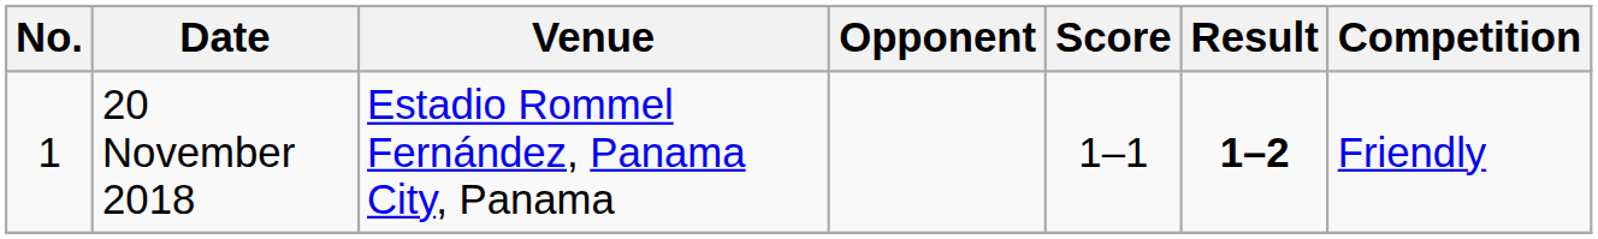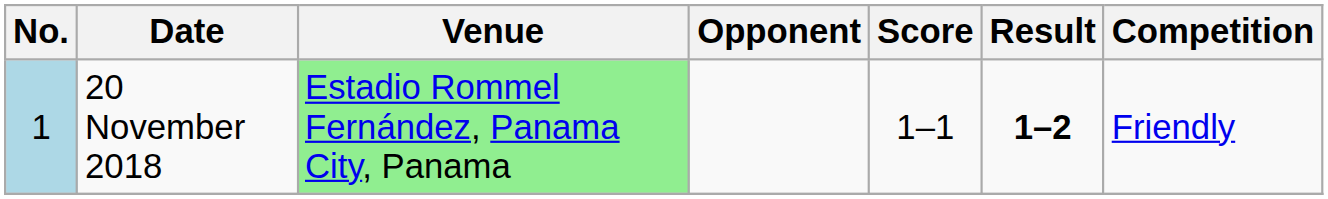 <table class="wikitable sortable">
 <tr>
 <th scope="col">No.</th>
 <th scope="col">Date</th>
 <th scope="col">Venue</th>
 <th scope="col">Opponent</th>
 <th scope="col">Score</th>
 <th scope="col">Result</th>
 <th scope="col">Competition</th>
 </tr>
 <tr>
-<td style="text-align:center">1</td>
+<td style="background: lightblue; text-align:center">1</td>
 <td>20 November 2018</td>
-<td><a href='#'>Estadio Rommel Fernández</a>, <a href='#'>Panama City</a>, Panama</td>
+<td style="background: lightgreen;"><a href='#'>Estadio Rommel Fernández</a>, <a href='#'>Panama City</a>, Panama</td>
 <td></td>
 <td style="text-align:center">1–1</td>
 <td style="text-align:center"><strong>1–2</strong></td>
 <td><a href='#'>Friendly</a></td>
 </tr>
 <tr>
 </tr>
 </table>
